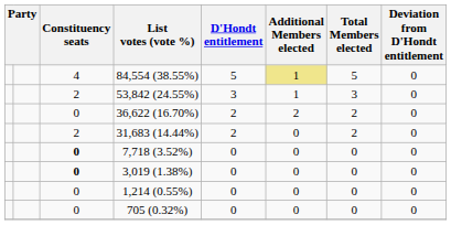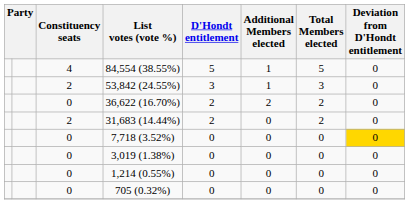 <table class="wikitable" style="text-align:center">
 <tr>
 <th colspan="2" rowspan="1" align="center" valign="top">Party</th>
 <th>Constituency<br>seats</th>
 <th>List<br>votes (vote %)</th>
 <th><a href='#'>D'Hondt<br>entitlement</a></th>
 <th>Additional<br>Members<br>elected</th>
 <th>Total<br>Members<br>elected</th>
 <th>Deviation<br>from<br>D'Hondt<br>entitlement</th>
 </tr>
 <tr>
 <td style="width: 4px"></td>
 <td style="text-align: left;" scope="row"><strong><a href='#'></a></strong></td>
 <td>4</td>
 <td>84,554 (38.55%)</td>
 <td>5</td>
-<td style="background: khaki;">1</td>
+<td>1</td>
 <td>5</td>
 <td>0</td>
 </tr>
 <tr>
 <td style="width: 4px"></td>
 <td style="text-align: left;" scope="row"><strong><a href='#'></a></strong></td>
 <td>2</td>
 <td>53,842 (24.55%)</td>
 <td>3</td>
 <td>1</td>
 <td>3</td>
 <td>0</td>
 </tr>
 <tr>
 <td style="width: 4px"></td>
 <td style="text-align: left;" scope="row"><strong><a href='#'></a></strong></td>
 <td>0</td>
 <td>36,622 (16.70%)</td>
 <td>2</td>
 <td>2</td>
 <td>2</td>
 <td>0</td>
 </tr>
 <tr>
 <td style="width: 4px"></td>
 <td style="text-align: left;" scope="row"><strong><a href='#'></a></strong></td>
 <td>2</td>
 <td>31,683 (14.44%)</td>
 <td>2</td>
 <td>0</td>
 <td>2</td>
 <td>0</td>
 </tr>
 <tr>
 <td style="width: 4px"></td>
 <td style="text-align: left;" scope="row"><a href='#'></a></td>
-<td><strong>0</strong></td>
+<td>0</td>
 <td>7,718 (3.52%)</td>
 <td>0</td>
 <td>0</td>
 <td>0</td>
-<td>0</td>
+<td style="background: gold;">0</td>
 </tr>
 <tr>
 <td style="width: 4px"></td>
 <td style="text-align: left;" scope="row"><a href='#'></a></td>
-<td><strong>0</strong></td>
+<td>0</td>
 <td>3,019 (1.38%)</td>
 <td>0</td>
 <td>0</td>
 <td>0</td>
 <td>0</td>
 </tr>
 <tr>
 <td style="width: 4px"></td>
 <td style="text-align: left;" scope="row"><a href='#'></a></td>
 <td>0</td>
 <td>1,214 (0.55%)</td>
 <td>0</td>
 <td>0</td>
 <td>0</td>
 <td>0</td>
 </tr>
 <tr>
 <td style="width: 4px"></td>
 <td style="text-align: left;" scope="row"><a href='#'></a></td>
 <td>0</td>
 <td>705 (0.32%)</td>
 <td>0</td>
 <td>0</td>
 <td>0</td>
 <td>0</td>
 </tr>
 <tr>
 </tr>
 </table>
